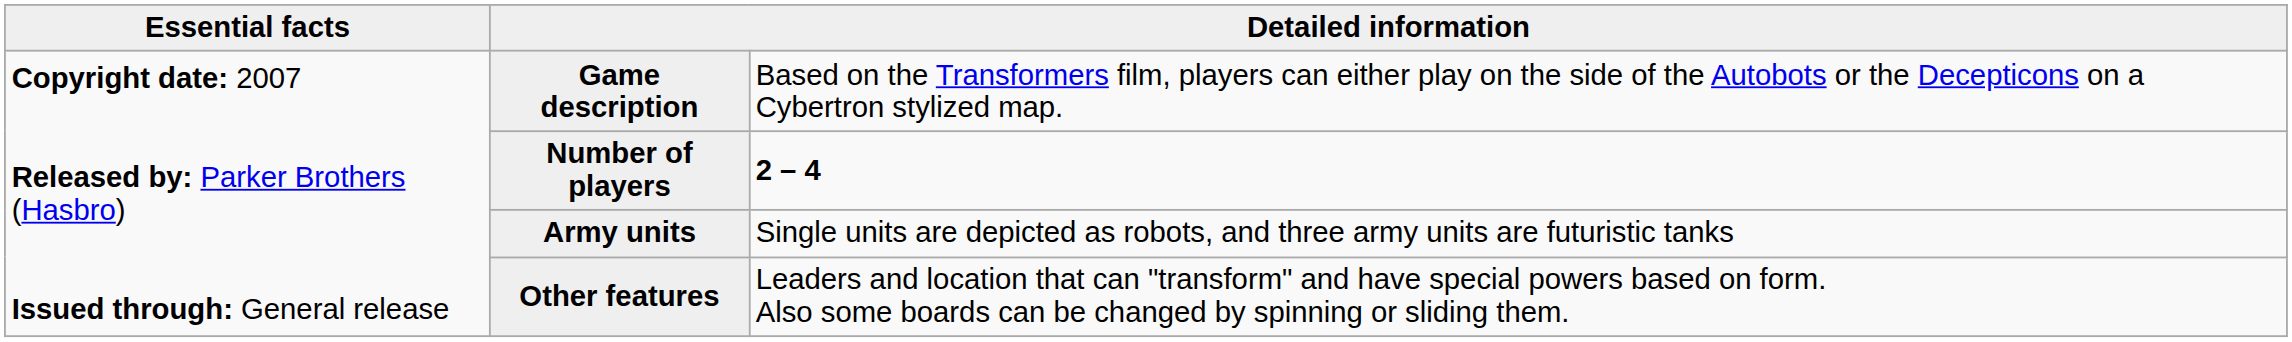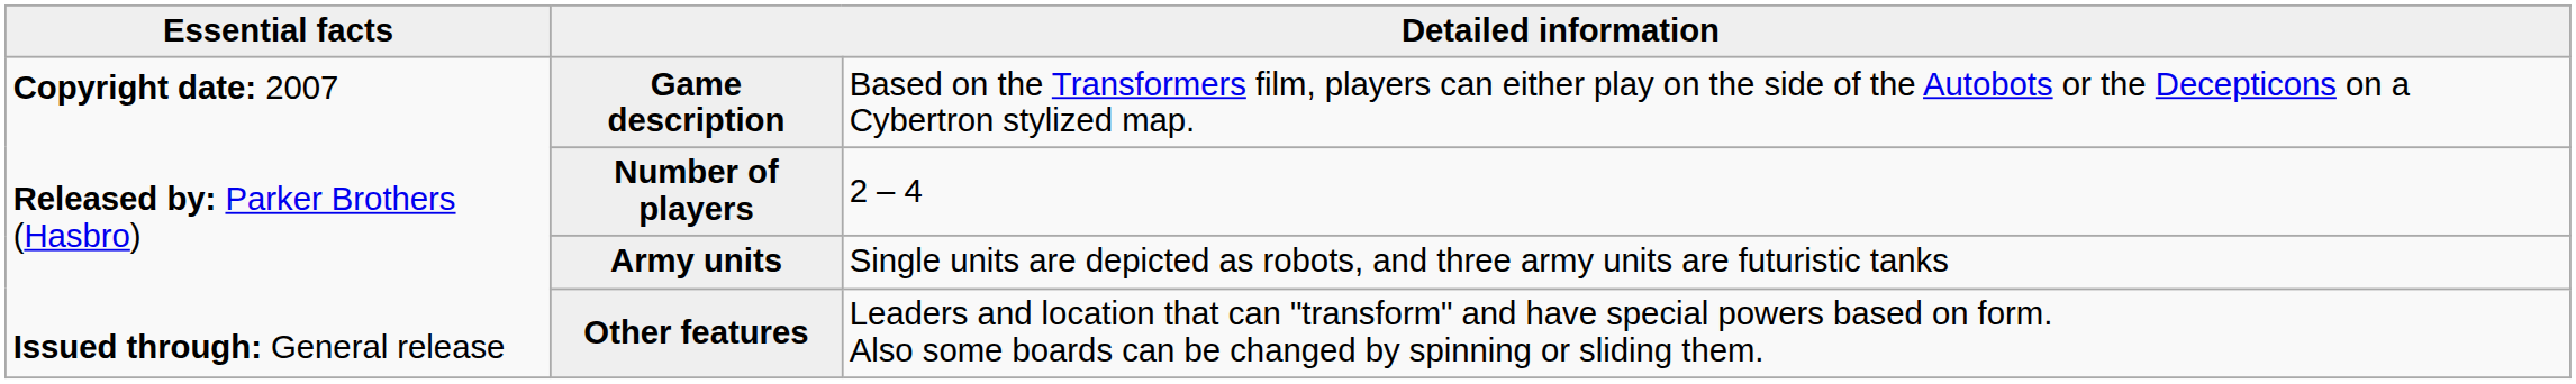 <table class="wikitable">
 <tr>
 <th style="background:#efefef;">Essential facts</th>
 <th style="background:#efefef;" colspan=2>Detailed information</th>
 </tr>
 <tr>
 <td rowspan=4><strong>Copyright date:</strong> 2007<br><br><br> <strong>Released by:</strong> <a href='#'>Parker Brothers</a> (<a href='#'>Hasbro</a>) <br><br><br> <strong>Issued through:</strong> General release</td>
 <th style="background:#efefef;">Game description</th>
 <td>Based on the <a href='#'>Transformers</a> film, players can either play on the side of the <a href='#'>Autobots</a> or the <a href='#'>Decepticons</a> on a Cybertron stylized map.</td>
 </tr>
 <tr>
 <th style="background:#efefef;">Number of players</th>
-<td><strong>2 – 4</strong></td>
+<td>2 – 4</td>
 </tr>
 <tr>
 <th style="background:#efefef;">Army units</th>
 <td>Single units are depicted as robots, and three army units are futuristic tanks</td>
 </tr>
 <tr>
 <th style="background:#efefef;">Other features</th>
 <td>Leaders and location that can "transform" and have special powers based on form.<br>Also some boards can be changed by spinning or sliding them.</td>
 </tr>
 </table>
